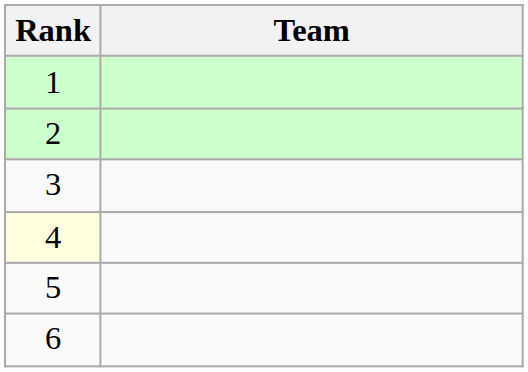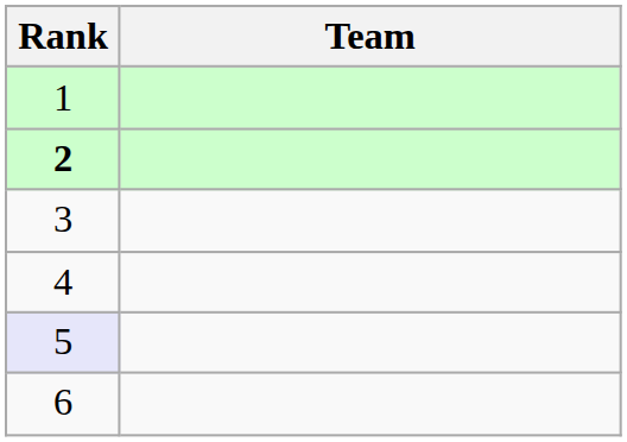 <table class="wikitable" style="text-align: center;">
 <tr>
 <th width=40>Rank</th>
 <th width=200>Team</th>
 </tr>
 <tr bgcolor=#ccffcc>
 <td>1</td>
 <td align=left></td>
 </tr>
 <tr bgcolor=#ccffcc>
-<td>2</td>
+<td><strong>2</strong></td>
 <td align=left></td>
 </tr>
 <tr>
 <td>3</td>
 <td align=left></td>
 </tr>
 <tr>
-<td style="background: lightyellow;">4</td>
+<td>4</td>
 <td align=left></td>
 </tr>
 <tr>
-<td>5</td>
+<td style="background: lavender;">5</td>
 <td align=left></td>
 </tr>
 <tr>
 <td>6</td>
 <td align=left></td>
 </tr>
 </table>
